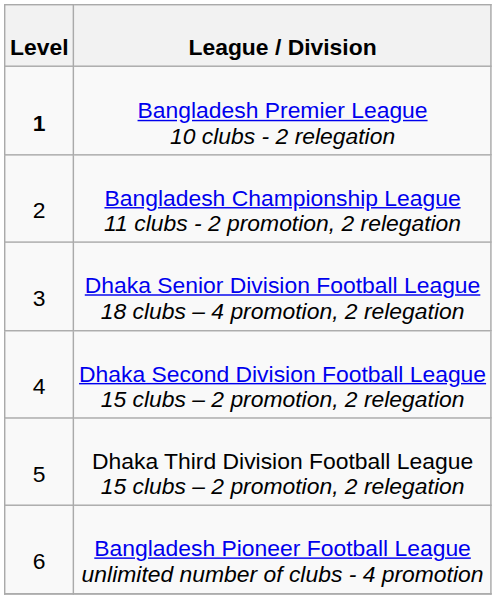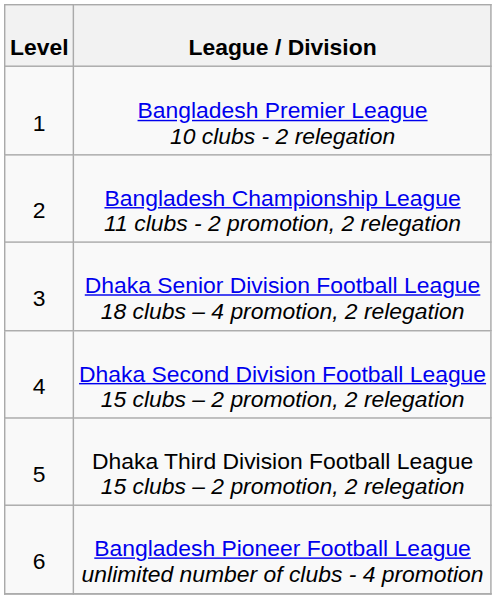 <table class="wikitable" style="text-align:center;">
 <tr>
 <th><br>Level</th>
 <th><br>League / Division</th>
 </tr>
 <tr>
-<td><strong><br>1</strong></td>
+<td><br>1</td>
 <td><br><a href='#'>Bangladesh Premier League</a> <br> <em>10 clubs - 2 relegation</em></td>
 </tr>
 <tr>
 <td><br>2</td>
 <td><br><a href='#'>Bangladesh Championship League</a> <br><em>11 clubs - 2 promotion,  2 relegation</em></td>
 </tr>
 <tr>
 <td><br>3</td>
 <td><br><a href='#'>Dhaka Senior Division Football League</a> <br><em>18 clubs – 4 promotion, 2 relegation</em></td>
 </tr>
 <tr>
 <td><br>4</td>
 <td><br><a href='#'>Dhaka Second Division Football League</a> <br><em>15 clubs – 2 promotion, 2 relegation</em></td>
 </tr>
 <tr>
 <td><br>5</td>
 <td><br>Dhaka Third Division Football League <br><em>15 clubs – 2 promotion, 2 relegation</em></td>
 </tr>
 <tr>
 <td><br>6</td>
 <td><br><a href='#'>Bangladesh Pioneer Football League</a> <br><em>unlimited number of clubs - 4 promotion</em></td>
 </tr>
 <tr>
 </tr>
 </table>
